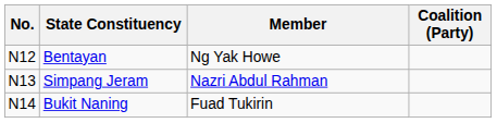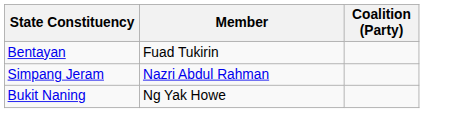 <table class="wikitable sortable">
 <tr>
-<th width="30">No.</th>
 <th width="150">State Constituency</th>
 <th width="230">Member</th>
 <th width="80">Coalition (Party)</th>
 </tr>
 <tr>
-<td>N12</td>
 <td><a href='#'>Bentayan</a></td>
-<td>Ng Yak Howe</td>
+<td>Fuad Tukirin</td>
 <td></td>
 </tr>
 <tr>
-<td>N13</td>
 <td><a href='#'>Simpang Jeram</a></td>
 <td><a href='#'>Nazri Abdul Rahman</a></td>
 <td></td>
 </tr>
 <tr>
-<td>N14</td>
 <td><a href='#'>Bukit Naning</a></td>
-<td>Fuad Tukirin</td>
+<td>Ng Yak Howe</td>
 <td></td>
 </tr>
 </table>
